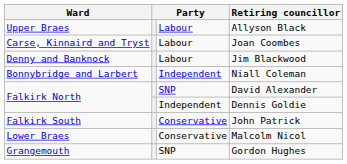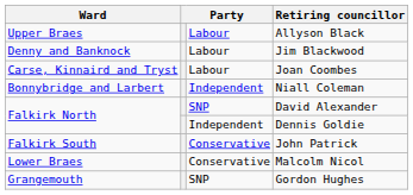 <table class="wikitable sortable">
 <tr>
 <th>Ward</th>
 <th colspan="2">Party</th>
 <th>Retiring councillor</th>
 </tr>
 <tr>
 <td><a href='#'>Upper Braes</a></td>
 <th style="background-color: "></th>
 <td><a href='#'>Labour</a></td>
 <td>Allyson Black</td>
 </tr>
 <tr>
+<td><a href='#'>Denny and Banknock</a></td>
+<th style="background-color: "></th>
+<td>Labour</td>
+<td>Jim Blackwood</td>
+</tr>
+<tr>
 <td><a href='#'>Carse, Kinnaird and Tryst</a></td>
 <th style="background-color: "></th>
 <td>Labour</td>
 <td>Joan Coombes</td>
-</tr>
-<tr>
-<td><a href='#'>Denny and Banknock</a></td>
-<th style="background-color: "></th>
-<td>Labour</td>
-<td>Jim Blackwood</td>
 </tr>
 <tr>
 <td><a href='#'>Bonnybridge and Larbert</a></td>
 <th style="background-color: "></th>
 <td><a href='#'>Independent</a></td>
 <td>Niall Coleman</td>
 </tr>
 <tr>
 <td rowspan="2"><a href='#'>Falkirk North</a></td>
 <th style="background-color: "></th>
 <td><a href='#'>SNP</a></td>
 <td>David Alexander</td>
 </tr>
 <tr>
 <th style="background-color: "></th>
 <td>Independent</td>
 <td>Dennis Goldie</td>
 </tr>
 <tr>
 <td><a href='#'>Falkirk South</a></td>
 <th style="background-color: "></th>
 <td><a href='#'>Conservative</a></td>
 <td>John Patrick</td>
 </tr>
 <tr>
 <td><a href='#'>Lower Braes</a></td>
 <th style="background-color: "></th>
 <td>Conservative</td>
 <td>Malcolm Nicol</td>
 </tr>
 <tr>
 <td><a href='#'>Grangemouth</a></td>
 <th style="background-color: "></th>
 <td>SNP</td>
 <td>Gordon Hughes</td>
 </tr>
 </table>
